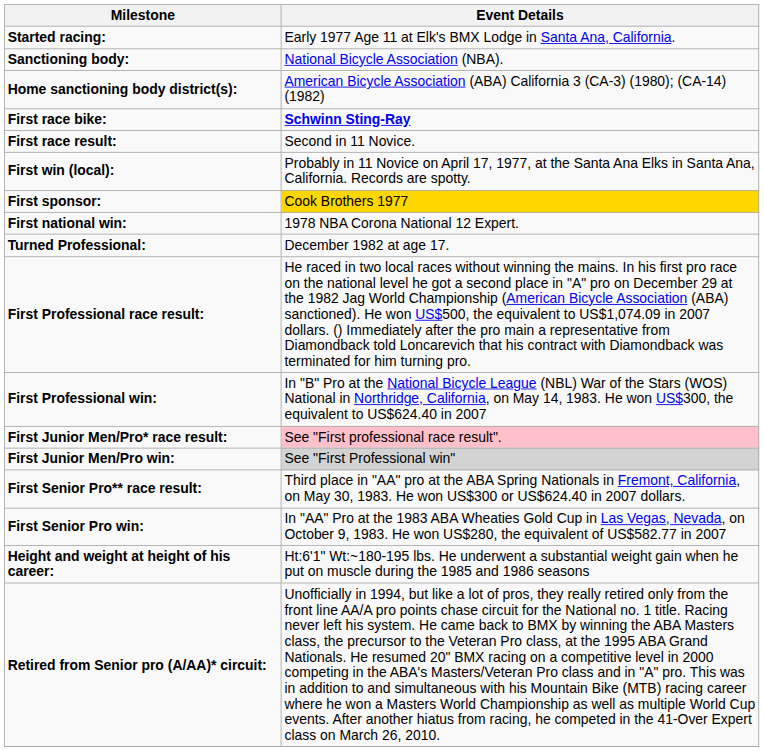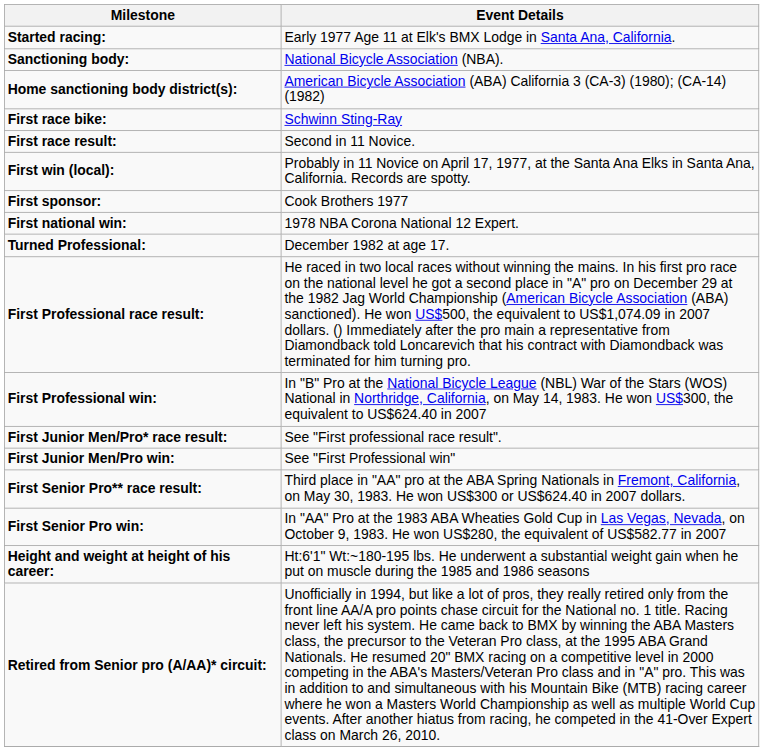 <table class="sortable wikitable">
 <tr>
 <th style="width:20em">Milestone</th>
 <th style="width:35em">Event Details</th>
 </tr>
 <tr>
 <td><strong>Started racing:</strong></td>
 <td>Early 1977 Age 11 at Elk's BMX Lodge in <a href='#'>Santa Ana, California</a>.</td>
 </tr>
 <tr>
 <td><strong>Sanctioning body:</strong></td>
 <td><a href='#'>National Bicycle Association</a> (NBA).</td>
 </tr>
 <tr>
 <td><strong>Home sanctioning body district(s):</strong></td>
 <td><a href='#'>American Bicycle Association</a> (ABA) California 3 (CA-3) (1980); (CA-14) (1982)</td>
 </tr>
 <tr>
 <td><strong>First race bike:</strong></td>
-<td><strong><a href='#'>Schwinn Sting-Ray</a></strong></td>
+<td><a href='#'>Schwinn Sting-Ray</a></td>
 </tr>
 <tr>
 <td><strong>First race result:</strong></td>
 <td>Second in 11 Novice.</td>
 </tr>
 <tr>
 <td><strong>First win (local):</strong></td>
 <td>Probably in 11 Novice on April 17, 1977, at the Santa Ana Elks in Santa Ana, California. Records are spotty.</td>
 </tr>
 <tr>
 <td><strong>First sponsor:</strong></td>
-<td style="background: gold;">Cook Brothers 1977</td>
+<td>Cook Brothers 1977</td>
 </tr>
 <tr>
 <td><strong>First national win:</strong></td>
 <td>1978 NBA Corona National 12 Expert.</td>
 </tr>
 <tr>
 <td><strong>Turned Professional:</strong></td>
 <td>December 1982 at age 17.</td>
 </tr>
 <tr>
 <td><strong>First Professional race result:</strong></td>
 <td>He raced in two local races without winning the mains. In his first pro race on the national level he got a second place in "A" pro on December 29 at the 1982 Jag World Championship (<a href='#'>American Bicycle Association</a> (ABA) sanctioned). He won <a href='#'>US$</a>500, the equivalent to US$1,074.09 in 2007 dollars. () Immediately after the pro main a representative from Diamondback told Loncarevich that his contract with Diamondback was terminated for him turning pro.</td>
 </tr>
 <tr>
 <td><strong>First Professional win:</strong></td>
 <td>In "B" Pro at the <a href='#'>National Bicycle League</a> (NBL) War of the Stars (WOS) National in <a href='#'>Northridge, California</a>, on May 14, 1983. He won <a href='#'>US$</a>300, the equivalent to US$624.40 in 2007</td>
 </tr>
 <tr>
 <td><strong>First Junior Men/Pro* race result:</strong></td>
-<td style="background: pink;">See "First professional race result".</td>
+<td>See "First professional race result".</td>
 </tr>
 <tr>
 <td><strong>First Junior Men/Pro win:</strong></td>
-<td style="background: lightgrey;">See "First Professional win"</td>
+<td>See "First Professional win"</td>
 </tr>
 <tr>
 <td><strong>First Senior Pro** race result:</strong></td>
 <td>Third place in "AA" pro at the ABA Spring Nationals in <a href='#'>Fremont, California</a>, on May 30, 1983. He won US$300 or US$624.40 in 2007 dollars.</td>
 </tr>
 <tr>
 <td><strong>First Senior Pro win:</strong></td>
 <td>In "AA" Pro at the 1983 ABA Wheaties Gold Cup in <a href='#'>Las Vegas, Nevada</a>, on October 9, 1983. He won US$280, the equivalent of US$582.77 in 2007</td>
 </tr>
 <tr>
 <td><strong>Height and weight at height of his career:</strong></td>
 <td>Ht:6'1" Wt:~180-195 lbs. He underwent a substantial weight gain when he put on muscle during the 1985 and 1986 seasons</td>
 </tr>
 <tr>
 <td><strong>Retired from Senior pro (A/AA)* circuit:</strong></td>
 <td>Unofficially in 1994, but like a lot of pros, they really retired only from the front line AA/A pro points chase circuit for the National no. 1 title. Racing never left his system. He came back to BMX by winning the ABA Masters class, the precursor to the Veteran Pro class, at the 1995 ABA Grand Nationals. He resumed 20" BMX racing on a competitive level in 2000 competing in the ABA's Masters/Veteran Pro class and in "A" pro. This was in addition to and simultaneous with his Mountain Bike (MTB) racing career where he won a Masters World Championship as well as multiple World Cup events. After another hiatus from racing, he competed in the 41-Over Expert class on March 26, 2010.</td>
 </tr>
 <tr>
 </tr>
 </table>
